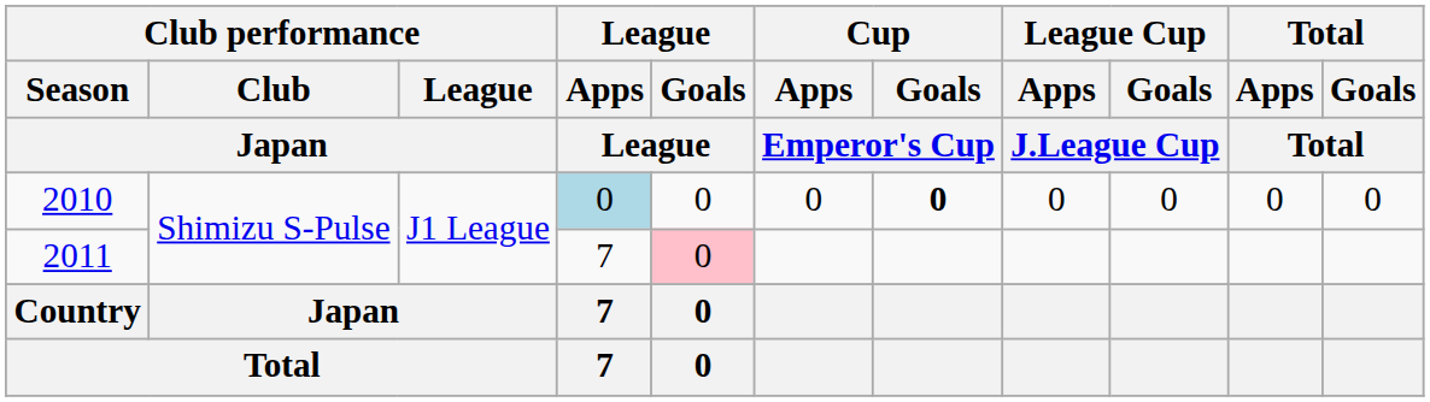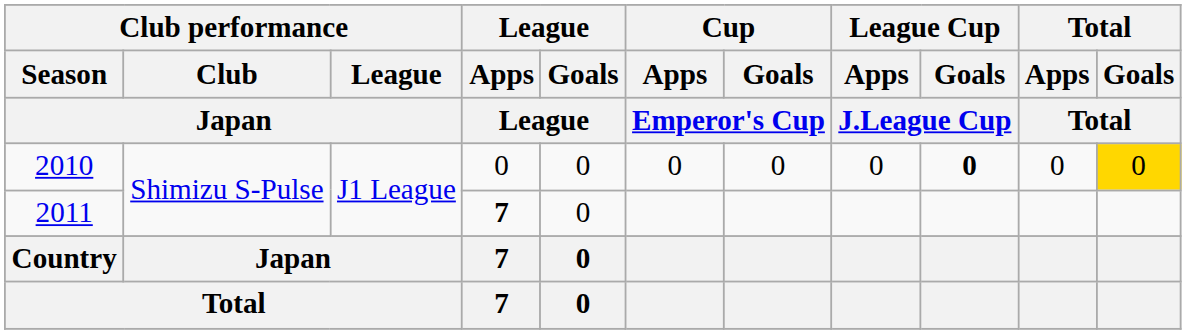 <table class="wikitable" style="text-align:center;">
 <tr>
 <th colspan=3>Club performance</th>
 <th colspan=2>League</th>
 <th colspan=2>Cup</th>
 <th colspan=2>League Cup</th>
 <th colspan=2>Total</th>
 </tr>
 <tr>
 <th>Season</th>
 <th>Club</th>
 <th>League</th>
 <th>Apps</th>
 <th>Goals</th>
 <th>Apps</th>
 <th>Goals</th>
 <th>Apps</th>
 <th>Goals</th>
 <th>Apps</th>
 <th>Goals</th>
 </tr>
 <tr>
 <th colspan=3>Japan</th>
 <th colspan=2>League</th>
 <th colspan=2><a href='#'>Emperor's Cup</a></th>
 <th colspan=2><a href='#'>J.League Cup</a></th>
 <th colspan=2>Total</th>
 </tr>
 <tr>
 <td><a href='#'>2010</a></td>
 <td rowspan="2"><a href='#'>Shimizu S-Pulse</a></td>
 <td rowspan="2"><a href='#'>J1 League</a></td>
-<td style="background: lightblue;">0</td>
+<td>0</td>
+<td>0</td>
+<td>0</td>
 <td>0</td>
 <td>0</td>
 <td><strong>0</strong></td>
 <td>0</td>
-<td>0</td>
-<td>0</td>
-<td>0</td>
+<td style="background: gold;">0</td>
 </tr>
 <tr>
 <td><a href='#'>2011</a></td>
-<td>7</td>
-<td style="background: pink;">0</td>
+<td><strong>7</strong></td>
+<td>0</td>
 <td></td>
 <td></td>
 <td></td>
 <td></td>
 <td></td>
 <td></td>
 </tr>
 <tr>
 <th rowspan=1>Country</th>
 <th colspan=2>Japan</th>
 <th>7</th>
 <th>0</th>
 <th></th>
 <th></th>
 <th></th>
 <th></th>
 <th></th>
 <th></th>
 </tr>
 <tr>
 <th colspan=3>Total</th>
 <th>7</th>
 <th>0</th>
 <th></th>
 <th></th>
 <th></th>
 <th></th>
 <th></th>
 <th></th>
 </tr>
 </table>
